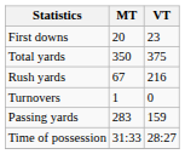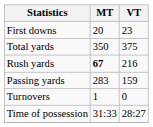 <table class="wikitable" style="float: left;">
 <tr>
 <th>Statistics</th>
 <th>MT</th>
 <th>VT</th>
 </tr>
 <tr>
 <td>First downs</td>
 <td>20</td>
 <td>23</td>
 </tr>
 <tr>
 <td>Total yards</td>
 <td>350</td>
 <td>375</td>
 </tr>
 <tr>
 <td>Rush yards</td>
-<td>67</td>
+<td><strong>67</strong></td>
 <td>216</td>
+</tr>
+<tr>
+<td>Passing yards</td>
+<td>283</td>
+<td>159</td>
 </tr>
 <tr>
 <td>Turnovers</td>
 <td>1</td>
 <td>0</td>
-</tr>
-<tr>
-<td>Passing yards</td>
-<td>283</td>
-<td>159</td>
 </tr>
 <tr>
 <td>Time of possession</td>
 <td>31:33</td>
 <td>28:27</td>
 </tr>
 <tr>
 </tr>
 </table>
